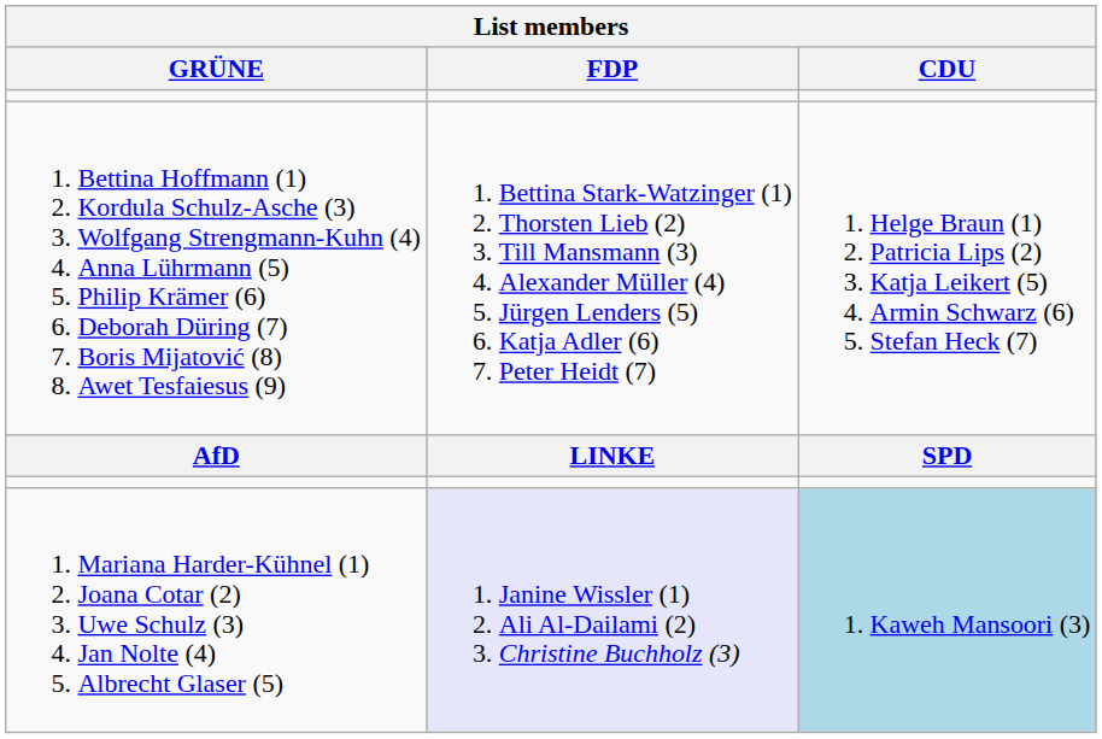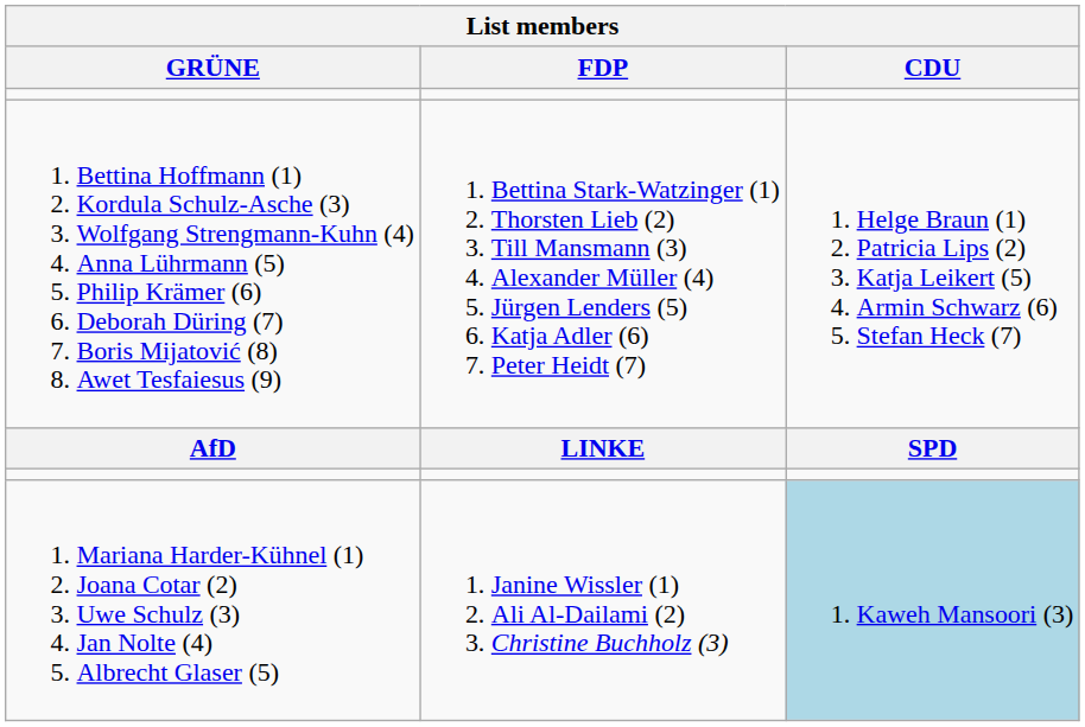 <table class=wikitable>
 <tr>
 <th colspan=3>List members</th>
 </tr>
 <tr>
 <th><a href='#'>GRÜNE</a></th>
 <th><a href='#'>FDP</a></th>
 <th><a href='#'>CDU</a></th>
 </tr>
 <tr>
 <td bgcolor=></td>
 <td bgcolor=></td>
 <td bgcolor=></td>
 </tr>
 <tr>
 <td><br><ol><li><a href='#'>Bettina Hoffmann</a> (1)</li><li><a href='#'>Kordula Schulz-Asche</a> (3)</li><li><a href='#'>Wolfgang Strengmann-Kuhn</a> (4)</li><li><a href='#'>Anna Lührmann</a> (5)</li><li><a href='#'>Philip Krämer</a> (6)</li><li><a href='#'>Deborah Düring</a> (7)</li><li><a href='#'>Boris Mijatović</a> (8)</li><li><a href='#'>Awet Tesfaiesus</a> (9)</li></ol></td>
 <td><br><ol><li><a href='#'>Bettina Stark-Watzinger</a> (1)</li><li><a href='#'>Thorsten Lieb</a> (2)</li><li><a href='#'>Till Mansmann</a> (3)</li><li><a href='#'>Alexander Müller</a> (4)</li><li><a href='#'>Jürgen Lenders</a> (5)</li><li><a href='#'>Katja Adler</a> (6)</li><li><a href='#'>Peter Heidt</a> (7)</li></ol></td>
 <td><br><ol><li><a href='#'>Helge Braun</a> (1)</li><li><a href='#'>Patricia Lips</a> (2)</li><li><a href='#'>Katja Leikert</a> (5)</li><li><a href='#'>Armin Schwarz</a> (6)</li><li><a href='#'>Stefan Heck</a> (7)</li></ol></td>
 </tr>
 <tr>
 <th><a href='#'>AfD</a></th>
 <th><a href='#'>LINKE</a></th>
 <th><a href='#'>SPD</a></th>
 </tr>
 <tr>
 <td bgcolor=></td>
 <td bgcolor=></td>
 <td bgcolor=></td>
 </tr>
 <tr>
 <td><br><ol><li><a href='#'>Mariana Harder-Kühnel</a> (1)</li><li><a href='#'>Joana Cotar</a> (2)</li><li><a href='#'>Uwe Schulz</a> (3)</li><li><a href='#'>Jan Nolte</a> (4)</li><li><a href='#'>Albrecht Glaser</a> (5)</li></ol></td>
-<td style="background: lavender;"><br><ol><li><a href='#'>Janine Wissler</a> (1)</li><li><a href='#'>Ali Al-Dailami</a> (2)</li><li><em><a href='#'>Christine Buchholz</a> (3)</em></li></ol></td>
+<td><br><ol><li><a href='#'>Janine Wissler</a> (1)</li><li><a href='#'>Ali Al-Dailami</a> (2)</li><li><em><a href='#'>Christine Buchholz</a> (3)</em></li></ol></td>
 <td style="background: lightblue;"><br><ol><li><a href='#'>Kaweh Mansoori</a> (3)</li></ol></td>
 </tr>
 </table>
